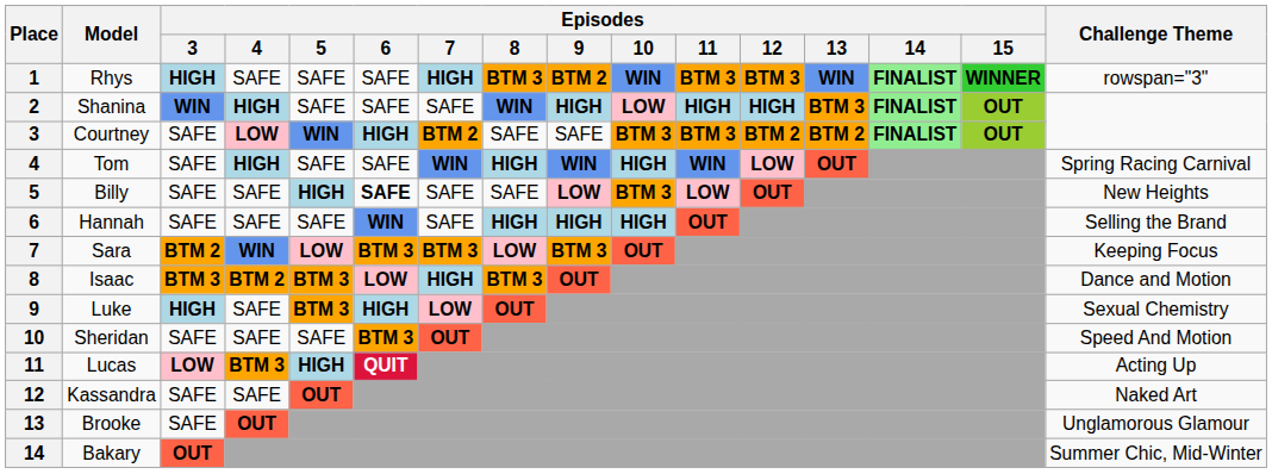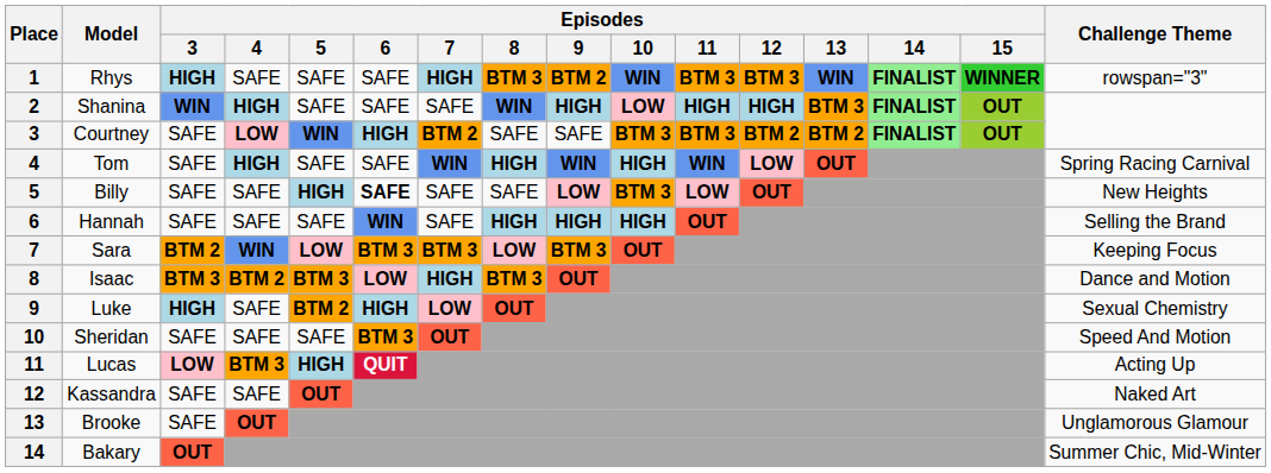 <table class="wikitable" style="text-align:center; font-size:92%">
 <tr>
 <th rowspan="2">Place</th>
 <th rowspan="2">Model</th>
 <th colspan="13">Episodes</th>
 <th rowspan="2">Challenge Theme</th>
 </tr>
 <tr>
 <th>3</th>
 <th>4</th>
 <th>5</th>
 <th>6</th>
 <th>7</th>
 <th>8</th>
 <th>9</th>
 <th>10</th>
 <th>11</th>
 <th>12</th>
 <th>13</th>
 <th>14</th>
 <th>15</th>
 </tr>
 <tr>
 <th>1</th>
 <td>Rhys</td>
 <td bgcolor="LightBlue" align="center"><strong> HIGH</strong></td>
 <td align="center">SAFE</td>
 <td align="center">SAFE</td>
 <td align="center">SAFE</td>
 <td bgcolor="LightBlue" align="center"><strong>HIGH</strong></td>
 <td bgcolor="orange" align="center"><strong>BTM 3 </strong></td>
 <td bgcolor="orange" align="center"><strong>BTM 2</strong></td>
 <td bgcolor="cornflowerblue" align="center"><strong>WIN</strong></td>
 <td bgcolor="orange" align="center"><strong>BTM 3</strong></td>
 <td bgcolor="orange" align="center"><strong>BTM 3 </strong></td>
 <td bgcolor="cornflowerblue" align="center"><strong>WIN</strong></td>
 <td style="background:lightgreen;"><strong>FINALIST</strong></td>
 <td bgcolor="limegreen" align="center"><strong>WINNER</strong></td>
 <td>rowspan="3" </td>
 </tr>
 <tr>
 <th>2</th>
 <td>Shanina</td>
 <td bgcolor="cornflowerblue" align="center"><strong>WIN</strong></td>
 <td bgcolor="LightBlue" align="center"><strong>HIGH </strong></td>
 <td align="center">SAFE</td>
 <td align="center">SAFE</td>
 <td align="center">SAFE</td>
 <td bgcolor="cornflowerblue" align="center"><strong>WIN</strong></td>
 <td bgcolor="LightBlue" align="center"><strong>HIGH</strong></td>
 <td bgcolor="pink" align="center"><strong>LOW</strong></td>
 <td bgcolor="LightBlue" align="center"><strong> HIGH</strong></td>
 <td bgcolor="LightBlue" align="center"><strong>HIGH</strong></td>
 <td bgcolor="orange" align="center"><strong>BTM 3</strong></td>
 <td style="background:lightgreen;"><strong>FINALIST</strong></td>
 <td bgcolor="yellowgreen" align="center"><strong>OUT</strong></td>
 </tr>
 <tr>
 <th>3</th>
 <td>Courtney</td>
 <td align="center">SAFE</td>
 <td bgcolor="pink" align="center"><strong>LOW</strong></td>
 <td bgcolor="cornflowerblue" align="center"><strong>WIN</strong></td>
 <td bgcolor="LightBlue" align="center"><strong>HIGH</strong></td>
 <td bgcolor="orange" align="center"><strong>BTM 2</strong></td>
 <td align="center">SAFE</td>
 <td align="center">SAFE</td>
 <td bgcolor="orange" align="center"><strong>BTM 3</strong></td>
 <td bgcolor="orange" align="center"><strong>BTM 3</strong></td>
 <td bgcolor="orange" align="center"><strong>BTM 2</strong></td>
 <td bgcolor="orange" align="center"><strong>BTM 2</strong></td>
 <td style="background:lightgreen;"><strong>FINALIST</strong></td>
 <td bgcolor="yellowgreen" align="center"><strong>OUT</strong></td>
 </tr>
 <tr>
 <th>4</th>
 <td>Tom</td>
 <td align="center">SAFE</td>
 <td bgcolor="LightBlue" align="center"><strong>HIGH</strong></td>
 <td align="center">SAFE</td>
 <td align="center">SAFE</td>
 <td bgcolor="cornflowerblue" align="center"><strong>WIN</strong></td>
 <td bgcolor="LightBlue" align="center"><strong>HIGH</strong></td>
 <td bgcolor="cornflowerblue" align="center"><strong>WIN</strong></td>
 <td bgcolor="LightBlue" align="center"><strong>HIGH </strong></td>
 <td bgcolor="cornflowerblue" align="center"><strong>WIN</strong></td>
 <td bgcolor="Pink" align="center"><strong>LOW</strong></td>
 <td bgcolor="tomato" align="center"><strong>OUT</strong></td>
 <td style="background:darkgrey;" colspan='2'></td>
 <td>Spring Racing Carnival</td>
 </tr>
 <tr>
 <th>5</th>
 <td>Billy</td>
 <td align="center">SAFE</td>
 <td align="center">SAFE</td>
 <td bgcolor="LightBlue" align="center"><strong>HIGH</strong></td>
 <td align="center"><strong>SAFE</strong></td>
 <td align="center">SAFE</td>
 <td align="center">SAFE</td>
 <td bgcolor="pink" align="center"><strong> LOW</strong></td>
 <td bgcolor="orange" align="center"><strong>BTM 3</strong></td>
 <td bgcolor="pink" align="center"><strong>LOW </strong></td>
 <td bgcolor="tomato" align="center"><strong>OUT</strong></td>
 <td style="background:darkgrey;" colspan='3'></td>
 <td>New Heights</td>
 </tr>
 <tr>
 <th>6</th>
 <td>Hannah</td>
 <td align="center">SAFE</td>
 <td align="center">SAFE</td>
 <td align="center">SAFE</td>
 <td bgcolor="cornflowerblue" align="center"><strong>WIN</strong></td>
 <td align="center">SAFE</td>
 <td bgcolor="LightBlue" align="center"><strong>HIGH</strong></td>
 <td bgcolor="LightBlue" align="center"><strong> HIGH</strong></td>
 <td bgcolor="LightBlue" align="center"><strong>HIGH</strong></td>
 <td bgcolor="tomato" align="center"><strong>OUT</strong></td>
 <td style="background:darkgrey;" colspan='4'></td>
 <td>Selling the Brand</td>
 </tr>
 <tr>
 <th>7</th>
 <td>Sara</td>
 <td bgcolor="orange" align="center"><strong>BTM 2</strong></td>
 <td bgcolor="cornflowerblue" align="center"><strong>WIN</strong></td>
 <td bgcolor="pink" align="center"><strong>LOW</strong></td>
 <td bgcolor="orange" align="center"><strong>BTM 3</strong></td>
 <td bgcolor="orange" align="center"><strong>BTM 3</strong></td>
 <td bgcolor="pink" align="center"><strong>LOW</strong></td>
 <td bgcolor="orange" align="center"><strong>BTM 3</strong></td>
 <td bgcolor="tomato" align="center"><strong>OUT</strong></td>
 <td style="background:darkgrey;" colspan='5'></td>
 <td>Keeping Focus</td>
 </tr>
 <tr>
 <th>8</th>
 <td>Isaac</td>
 <td bgcolor="orange" align="center"><strong> BTM 3</strong></td>
 <td bgcolor="orange" align="center"><strong>BTM 2</strong></td>
 <td bgcolor="orange" align="center"><strong>BTM 3</strong></td>
 <td bgcolor="pink" align="center"><strong>LOW</strong></td>
 <td bgcolor="LightBlue" align="center"><strong>HIGH</strong></td>
 <td bgcolor="orange" align="center"><strong>BTM 3</strong></td>
 <td bgcolor="tomato" align="center"><strong>OUT</strong></td>
 <td style="background:darkgrey;" colspan="6"></td>
 <td>Dance and Motion</td>
 </tr>
 <tr>
 <th>9</th>
 <td>Luke</td>
 <td bgcolor="LightBlue" align="center"><strong>HIGH</strong></td>
 <td align="center">SAFE</td>
-<td bgcolor="orange" align="center"><strong>BTM 3</strong></td>
+<td bgcolor="orange" align="center"><strong>BTM 2</strong></td>
 <td bgcolor="LightBlue" align="center"><strong>HIGH</strong></td>
 <td bgcolor="pink" align="center"><strong>LOW</strong></td>
 <td bgcolor="tomato" align="center"><strong>OUT</strong></td>
 <td style="background:darkgrey;" colspan="7"></td>
 <td>Sexual Chemistry</td>
 </tr>
 <tr>
 <th>10</th>
 <td>Sheridan</td>
 <td align="center">SAFE</td>
 <td align="center">SAFE</td>
 <td align="center">SAFE</td>
 <td bgcolor="orange" align="center"><strong>BTM 3</strong></td>
 <td bgcolor="tomato" align="center"><strong>OUT</strong></td>
 <td style="background:darkgrey;" colspan="8"></td>
 <td>Speed And Motion</td>
 </tr>
 <tr>
 <th>11</th>
 <td>Lucas</td>
 <td bgcolor="pink" align="center"><strong>LOW</strong></td>
 <td bgcolor="orange" align="center"><strong>BTM 3</strong></td>
 <td bgcolor="LightBlue" align="center"><strong>HIGH</strong></td>
 <td style="background:crimson; text-align: center; color:white;"><strong>QUIT</strong></td>
 <td style="background:darkgrey;" colspan="9"></td>
 <td>Acting Up</td>
 </tr>
 <tr>
 <th>12</th>
 <td>Kassandra</td>
 <td align="center">SAFE</td>
 <td align="center">SAFE</td>
 <td bgcolor="tomato" align="center"><strong>OUT</strong></td>
 <td style="background:darkgrey;" colspan="10"></td>
 <td>Naked Art</td>
 </tr>
 <tr>
 <th>13</th>
 <td>Brooke</td>
 <td align="center">SAFE</td>
 <td bgcolor="tomato" align="center"><strong>OUT</strong></td>
 <td style="background:darkgrey;" colspan="11"></td>
 <td>Unglamorous Glamour</td>
 </tr>
 <tr>
 <th>14</th>
 <td>Bakary</td>
 <td bgcolor="tomato" align="center"><strong>OUT</strong></td>
 <td bgcolor="darkgrey" colspan="12"></td>
 <td>Summer Chic, Mid-Winter</td>
 </tr>
 </table>
